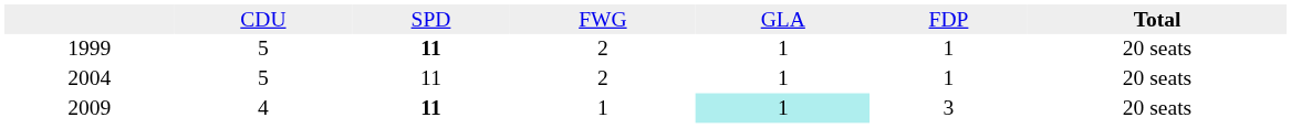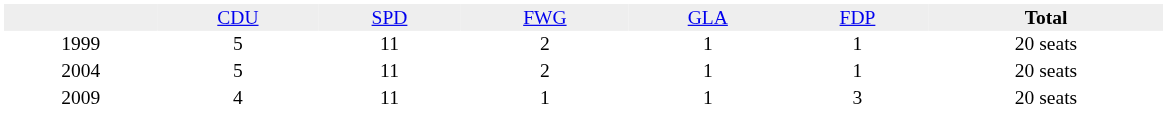 <table border="0" cellpadding="2" cellspacing="0" width="60%">
 <tr bgcolor="#eeeeee" align="center">
 <td></td>
 <td><a href='#'>CDU</a></td>
 <td><a href='#'>SPD</a></td>
 <td><a href='#'>FWG</a></td>
 <td><a href='#'>GLA</a></td>
 <td><a href='#'>FDP</a></td>
 <td><strong>Total</strong></td>
 </tr>
 <tr align="center">
 <td>1999</td>
 <td>5</td>
-<td><strong>11</strong></td>
+<td>11</td>
 <td>2</td>
 <td>1</td>
 <td>1</td>
 <td>20 seats</td>
 </tr>
 <tr align="center">
 <td>2004</td>
 <td>5</td>
 <td>11</td>
 <td>2</td>
 <td>1</td>
 <td>1</td>
 <td>20 seats</td>
 </tr>
 <tr align="center">
 <td>2009</td>
 <td>4</td>
-<td><strong>11</strong></td>
+<td>11</td>
 <td>1</td>
-<td style="background: paleturquoise;">1</td>
+<td>1</td>
 <td>3</td>
 <td>20 seats</td>
 </tr>
 </table>
